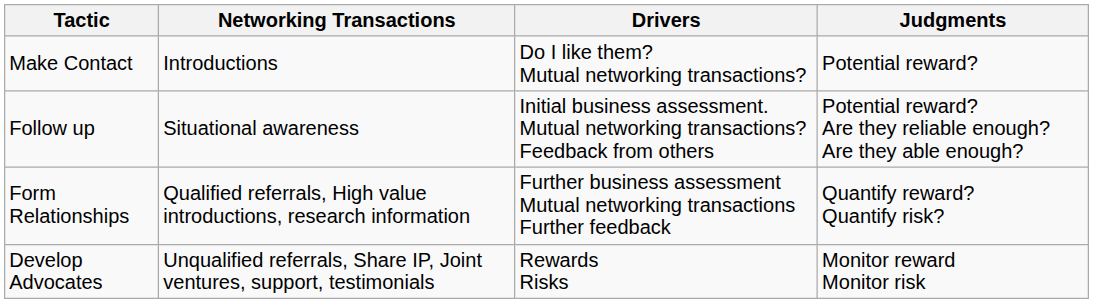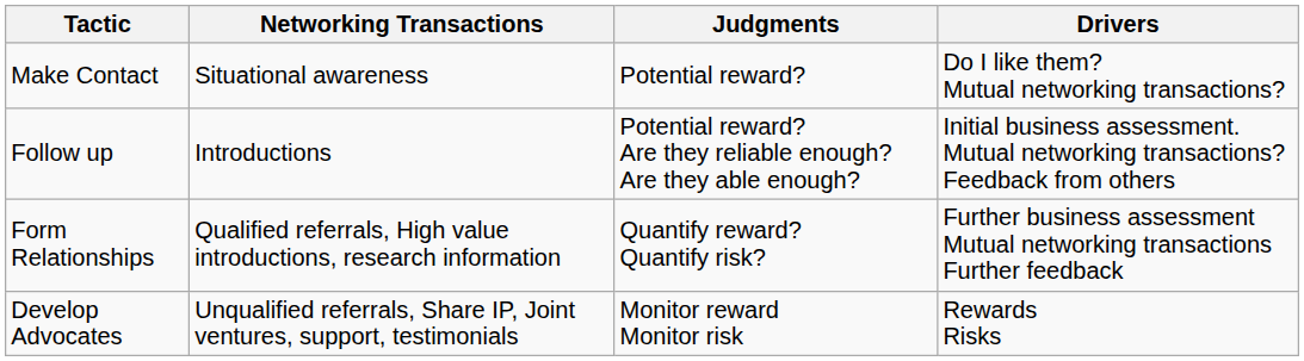 <table class="wikitable">
 <tr>
 <th>Tactic</th>
 <th>Networking Transactions</th>
+<th>Judgments</th>
 <th>Drivers</th>
-<th>Judgments</th>
 </tr>
 <tr>
 <td>Make Contact</td>
-<td>Introductions</td>
+<td>Situational awareness</td>
+<td>Potential reward?</td>
 <td>Do I like them?<br>Mutual networking transactions?</td>
-<td>Potential reward?</td>
 </tr>
 <tr>
 <td>Follow up</td>
-<td>Situational awareness</td>
+<td>Introductions</td>
+<td>Potential reward?<br>Are they reliable enough? Are they able enough?</td>
 <td>Initial business assessment.<br>Mutual networking transactions? Feedback from others</td>
-<td>Potential reward?<br>Are they reliable enough? Are they able enough?</td>
 </tr>
 <tr>
 <td>Form Relationships</td>
 <td>Qualified referrals, High value introductions, research information</td>
+<td>Quantify reward?<br>Quantify risk?</td>
 <td>Further business assessment<br>Mutual networking transactions Further feedback</td>
-<td>Quantify reward?<br>Quantify risk?</td>
 </tr>
 <tr>
 <td>Develop Advocates</td>
 <td>Unqualified referrals, Share IP, Joint ventures, support, testimonials</td>
+<td>Monitor reward<br>Monitor risk</td>
 <td>Rewards<br>Risks</td>
-<td>Monitor reward<br>Monitor risk</td>
 </tr>
 </table>
